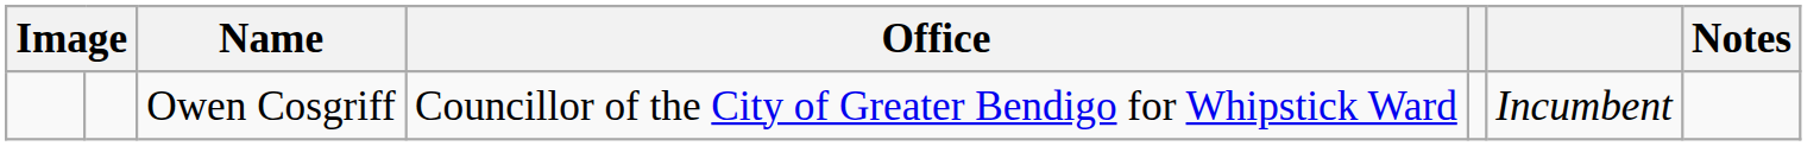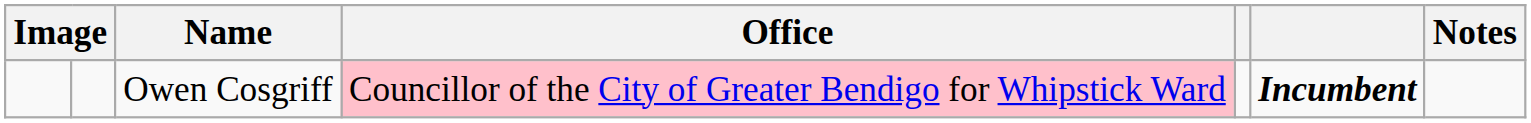 <table class="wikitable" style="text-align:center" "width:100%">
 <tr>
 <th colspan=2>Image</th>
 <th>Name</th>
 <th>Office</th>
 <th></th>
 <th></th>
 <th>Notes</th>
 </tr>
 <tr>
 <td> </td>
 <td></td>
 <td>Owen Cosgriff</td>
-<td>Councillor of the <a href='#'>City of Greater Bendigo</a> for <a href='#'>Whipstick Ward</a></td>
+<td style="background: pink;">Councillor of the <a href='#'>City of Greater Bendigo</a> for <a href='#'>Whipstick Ward</a></td>
 <td></td>
-<td><em>Incumbent</em></td>
+<td><strong><em>Incumbent</em></strong></td>
 <td></td>
 </tr>
 </table>
